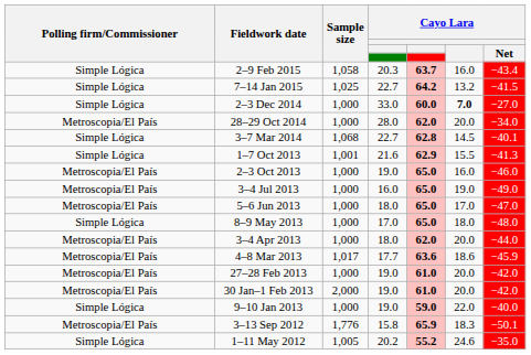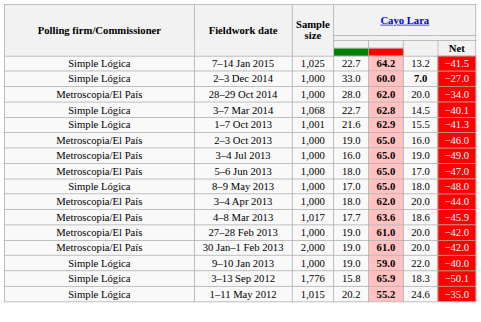 <table class="wikitable collapsible collapsed" style="text-align:center; font-size:90%; line-height:14px;">
 <tr style="height:42px;">
 <th style="width:250px;" rowspan="4">Polling firm/Commissioner</th>
 <th style="width:125px;" rowspan="4">Fieldwork date</th>
 <th style="width:50px;" rowspan="4">Sample size</th>
 <th style="width:185px;" colspan="4"><a href='#'>Cayo Lara</a><br></th>
 </tr>
 <tr>
 <th colspan="4" style="background:"></th>
 </tr>
 <tr>
 <th style="width:30px;"></th>
 <th style="width:30px;"></th>
 <th style="width:30px;" rowspan="2"></th>
 <th style="width:30px;" rowspan="2">Net</th>
 </tr>
 <tr>
 <th style="color:inherit;background:#008000;"></th>
 <th style="color:inherit;background:#FF0000;"></th>
-</tr>
-<tr>
-<td>Simple Lógica</td>
-<td>2–9 Feb 2015</td>
-<td>1,058</td>
-<td>20.3</td>
-<td style="background:#FFC2C1;"><strong>63.7</strong></td>
-<td>16.0</td>
-<td style="background:#FF0000; color:white;">−43.4</td>
 </tr>
 <tr>
 <td>Simple Lógica</td>
 <td>7–14 Jan 2015</td>
 <td>1,025</td>
 <td>22.7</td>
 <td style="background:#FFC2C1;"><strong>64.2</strong></td>
 <td>13.2</td>
 <td style="background:#FF0000; color:white;">−41.5</td>
 </tr>
 <tr>
 <td>Simple Lógica</td>
 <td>2–3 Dec 2014</td>
 <td>1,000</td>
 <td>33.0</td>
 <td style="background:#FFC2C1;"><strong>60.0</strong></td>
 <td><strong>7.0</strong></td>
 <td style="background:#FF0000; color:white;">−27.0</td>
 </tr>
 <tr>
 <td>Metroscopia/El País</td>
 <td>28–29 Oct 2014</td>
 <td>1,000</td>
 <td>28.0</td>
 <td style="background:#FFC2C1;"><strong>62.0</strong></td>
 <td>20.0</td>
 <td style="background:#FF0000; color:white;">−34.0</td>
 </tr>
 <tr>
 <td>Simple Lógica</td>
 <td>3–7 Mar 2014</td>
 <td>1,068</td>
 <td>22.7</td>
 <td style="background:#FFC2C1;"><strong>62.8</strong></td>
 <td>14.5</td>
 <td style="background:#FF0000; color:white;">−40.1</td>
 </tr>
 <tr>
 <td>Simple Lógica</td>
 <td>1–7 Oct 2013</td>
 <td>1,001</td>
 <td>21.6</td>
 <td style="background:#FFC2C1;"><strong>62.9</strong></td>
 <td>15.5</td>
 <td style="background:#FF0000; color:white;">−41.3</td>
 </tr>
 <tr>
 <td>Metroscopia/El País</td>
 <td>2–3 Oct 2013</td>
 <td>1,000</td>
 <td>19.0</td>
 <td style="background:#FFC2C1;"><strong>65.0</strong></td>
 <td>16.0</td>
 <td style="background:#FF0000; color:white;">−46.0</td>
 </tr>
 <tr>
 <td>Metroscopia/El País</td>
 <td>3–4 Jul 2013</td>
 <td>1,000</td>
 <td>16.0</td>
 <td style="background:#FFC2C1;"><strong>65.0</strong></td>
 <td>19.0</td>
 <td style="background:#FF0000; color:white;">−49.0</td>
 </tr>
 <tr>
 <td>Metroscopia/El País</td>
 <td>5–6 Jun 2013</td>
 <td>1,000</td>
 <td>18.0</td>
 <td style="background:#FFC2C1;"><strong>65.0</strong></td>
 <td>17.0</td>
 <td style="background:#FF0000; color:white;">−47.0</td>
 </tr>
 <tr>
 <td>Simple Lógica</td>
 <td>8–9 May 2013</td>
 <td>1,000</td>
 <td>17.0</td>
 <td style="background:#FFC2C1;"><strong>65.0</strong></td>
 <td>18.0</td>
 <td style="background:#FF0000; color:white;">−48.0</td>
 </tr>
 <tr>
 <td>Metroscopia/El País</td>
 <td>3–4 Apr 2013</td>
 <td>1,000</td>
 <td>18.0</td>
 <td style="background:#FFC2C1;"><strong>62.0</strong></td>
 <td>20.0</td>
 <td style="background:#FF0000; color:white;">−44.0</td>
 </tr>
 <tr>
 <td>Metroscopia/El País</td>
 <td>4–8 Mar 2013</td>
 <td>1,017</td>
 <td>17.7</td>
 <td style="background:#FFC2C1;"><strong>63.6</strong></td>
 <td>18.6</td>
 <td style="background:#FF0000; color:white;">−45.9</td>
 </tr>
 <tr>
 <td>Metroscopia/El País</td>
 <td>27–28 Feb 2013</td>
 <td>1,000</td>
 <td>19.0</td>
 <td style="background:#FFC2C1;"><strong>61.0</strong></td>
 <td>20.0</td>
 <td style="background:#FF0000; color:white;">−42.0</td>
 </tr>
 <tr>
 <td>Metroscopia/El País</td>
 <td>30 Jan–1 Feb 2013</td>
 <td>2,000</td>
 <td>19.0</td>
 <td style="background:#FFC2C1;"><strong>61.0</strong></td>
 <td>20.0</td>
 <td style="background:#FF0000; color:white;">−42.0</td>
 </tr>
 <tr>
 <td>Simple Lógica</td>
 <td>9–10 Jan 2013</td>
 <td>1,000</td>
 <td>19.0</td>
 <td style="background:#FFC2C1;"><strong>59.0</strong></td>
 <td>22.0</td>
 <td style="background:#FF0000; color:white;">−40.0</td>
 </tr>
 <tr>
-<td>Metroscopia/El País</td>
+<td>Simple Lógica</td>
 <td>3–13 Sep 2012</td>
 <td>1,776</td>
 <td>15.8</td>
 <td style="background:#FFC2C1;"><strong>65.9</strong></td>
 <td>18.3</td>
 <td style="background:#FF0000; color:white;">−50.1</td>
 </tr>
 <tr>
 <td>Simple Lógica</td>
 <td>1–11 May 2012</td>
-<td>1,005</td>
+<td>1,015</td>
 <td>20.2</td>
 <td style="background:#FFC2C1;"><strong>55.2</strong></td>
 <td>24.6</td>
 <td style="background:#FF0000; color:white;">−35.0</td>
 </tr>
 </table>
